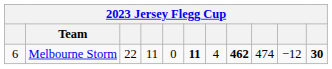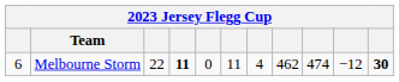 <table class="wikitable" style="text-align:center;">
 <tr>
 <th colspan="11"><a href='#'>2023 Jersey Flegg Cup</a></th>
 </tr>
 <tr>
 <th width="20"></th>
 <th>Team</th>
 <th width="20"></th>
 <th width="20"></th>
 <th width="20"></th>
 <th width="20"></th>
 <th width="20"></th>
 <th width="25"></th>
 <th width="25"></th>
 <th width="30"></th>
 <th width="20"></th>
 </tr>
 <tr style="background:">
 <td>6</td>
 <td style="text-align:left;"> <a href='#'>Melbourne Storm</a></td>
 <td>22</td>
+<td><strong>11</strong></td>
+<td>0</td>
 <td>11</td>
-<td>0</td>
-<td><strong>11</strong></td>
 <td>4</td>
-<td><strong>462</strong></td>
+<td>462</td>
 <td>474</td>
 <td>−12</td>
 <td><strong>30</strong></td>
 </tr>
 </table>
